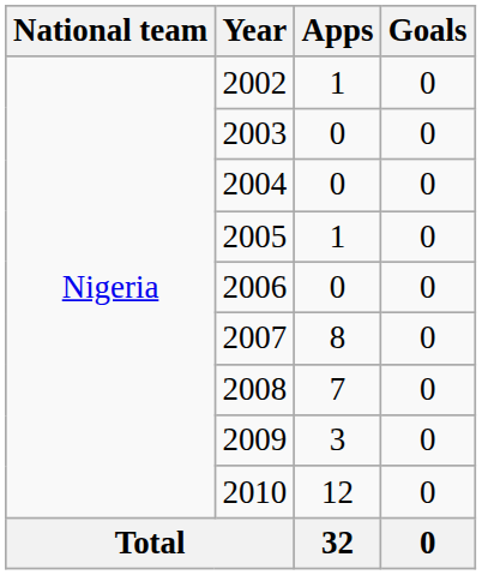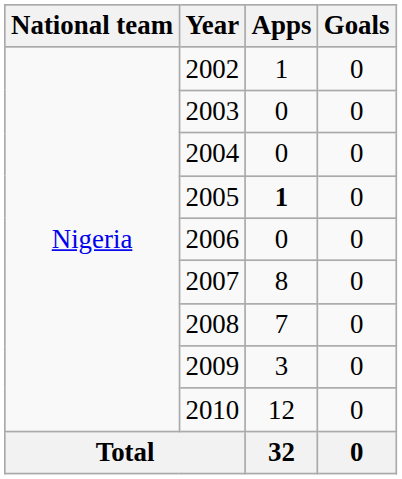 <table class="wikitable" style="text-align:center">
 <tr>
 <th>National team</th>
 <th>Year</th>
 <th>Apps</th>
 <th>Goals</th>
 </tr>
 <tr>
 <td rowspan="9“"><a href='#'>Nigeria</a></td>
 <td>2002</td>
 <td>1</td>
 <td>0</td>
 </tr>
 <tr>
 <td>2003</td>
 <td>0</td>
 <td>0</td>
 </tr>
 <tr>
 <td>2004</td>
 <td>0</td>
 <td>0</td>
 </tr>
 <tr>
 <td>2005</td>
-<td>1</td>
+<td><strong>1</strong></td>
 <td>0</td>
 </tr>
 <tr>
 <td>2006</td>
 <td>0</td>
 <td>0</td>
 </tr>
 <tr>
 <td>2007</td>
 <td>8</td>
 <td>0</td>
 </tr>
 <tr>
 <td>2008</td>
 <td>7</td>
 <td>0</td>
 </tr>
 <tr>
 <td>2009</td>
 <td>3</td>
 <td>0</td>
 </tr>
 <tr>
 <td>2010</td>
 <td>12</td>
 <td>0</td>
 </tr>
 <tr>
 <th colspan="2">Total</th>
 <th>32</th>
 <th>0</th>
 </tr>
 </table>
